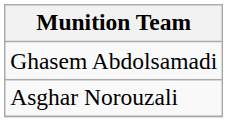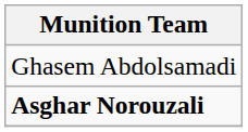 <table class="wikitable" "align: right;">
 <tr>
 <th>Munition Team</th>
 </tr>
 <tr>
 <td> Ghasem Abdolsamadi</td>
 </tr>
 <tr>
-<td> Asghar Norouzali</td>
+<td><strong> Asghar Norouzali</strong></td>
 </tr>
 <tr>
 </tr>
 </table>
